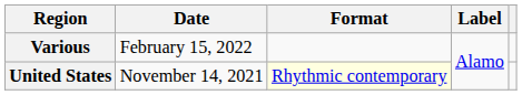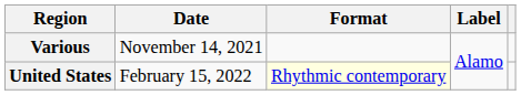 <table class="wikitable plainrowheaders">
 <tr>
 <th scope="col">Region</th>
 <th scope="col">Date</th>
 <th scope="col">Format</th>
 <th scope="col">Label</th>
 <th scope="col"></th>
 </tr>
 <tr>
 <th scope="row">Various</th>
-<td>February 15, 2022</td>
+<td>November 14, 2021</td>
 <td></td>
 <td rowspan="2"><a href='#'>Alamo</a></td>
 <td></td>
 </tr>
 <tr>
 <th scope="row">United States</th>
-<td>November 14, 2021</td>
+<td>February 15, 2022</td>
 <td style="background: lightyellow;"><a href='#'>Rhythmic contemporary</a></td>
 <td></td>
 </tr>
 </table>
